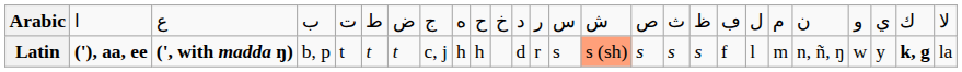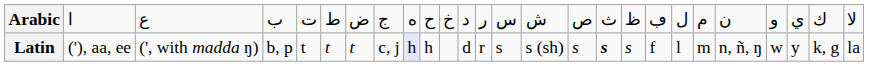 <table class="wikitable">
 <tr>
 <th>Arabic</th>
 <td>ا</td>
 <td>ع</td>
 <td>ب</td>
 <td>ت</td>
 <td>ط</td>
 <td>ض</td>
 <td>ج</td>
 <td>ه</td>
 <td>ح</td>
 <td>خ</td>
 <td>د</td>
 <td>ر</td>
 <td>س</td>
 <td>ش</td>
 <td>ص</td>
 <td>ث</td>
 <td>ظ</td>
 <td>ڢ</td>
 <td>ل</td>
 <td>م</td>
 <td>ن</td>
 <td>و</td>
 <td>ي</td>
 <td>ك</td>
 <td>لا</td>
 </tr>
 <tr>
 <th>Latin</th>
-<td><strong>('), aa, ee</strong></td>
-<td><strong>(', with <em>madda</em> ŋ)</strong></td>
+<td>('), aa, ee</td>
+<td>(', with <em>madda</em> ŋ)</td>
 <td>b, p</td>
 <td>t</td>
 <td><em>t</em></td>
 <td><em>t</em></td>
 <td>c, j</td>
-<td>h</td>
+<td style="background: lavender;">h</td>
 <td>h</td>
 <td></td>
 <td>d</td>
 <td>r</td>
 <td>s</td>
-<td style="background: lightsalmon;">s (sh)</td>
+<td>s (sh)</td>
 <td><em>s</em></td>
-<td><em>s</em></td>
+<td><strong><em>s</em></strong></td>
 <td><em>s</em></td>
 <td>f</td>
 <td>l</td>
 <td>m</td>
 <td>n, ñ, ŋ</td>
 <td>w</td>
 <td>y</td>
-<td><strong>k, g</strong></td>
+<td>k, g</td>
 <td>la</td>
 </tr>
 </table>
